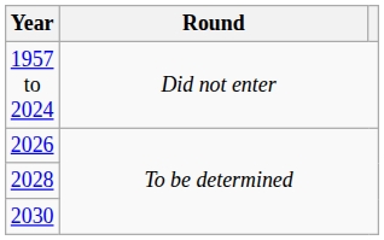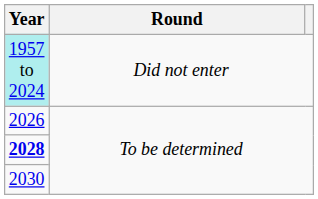 <table class="wikitable" style="text-align: center; font-size:90%">
 <tr>
 <th>Year</th>
 <th style="width:200px">Round</th>
 <th></th>
 </tr>
 <tr>
-<td><a href='#'>1957</a><br>to<br><a href='#'>2024</a></td>
+<td style="background: paleturquoise;"><a href='#'>1957</a><br>to<br><a href='#'>2024</a></td>
 <td colspan="2"><em>Did not enter</em></td>
 </tr>
 <tr>
 <td><a href='#'>2026</a></td>
 <td colspan="2" rowspan="3"><em>To be determined</em></td>
 </tr>
 <tr>
-<td><a href='#'>2028</a></td>
+<td><strong><a href='#'>2028</a></strong></td>
 </tr>
 <tr>
 <td><a href='#'>2030</a></td>
 </tr>
 </table>
